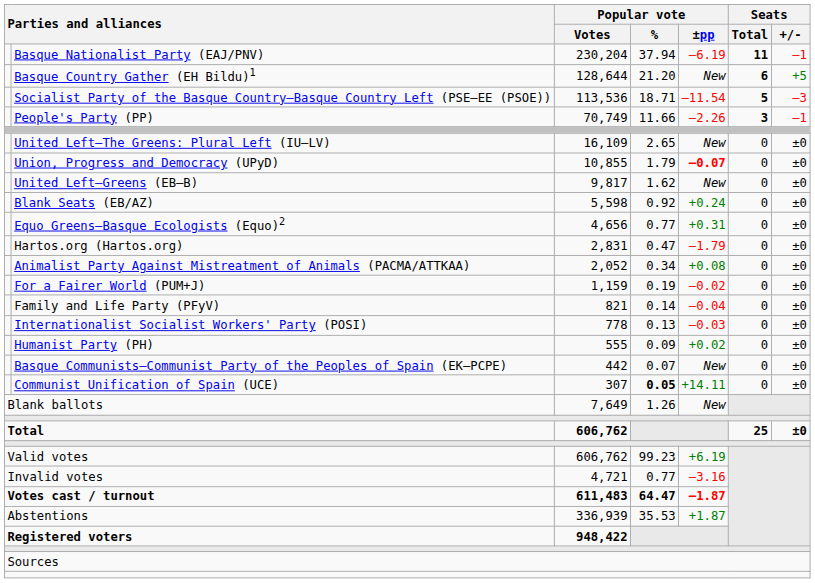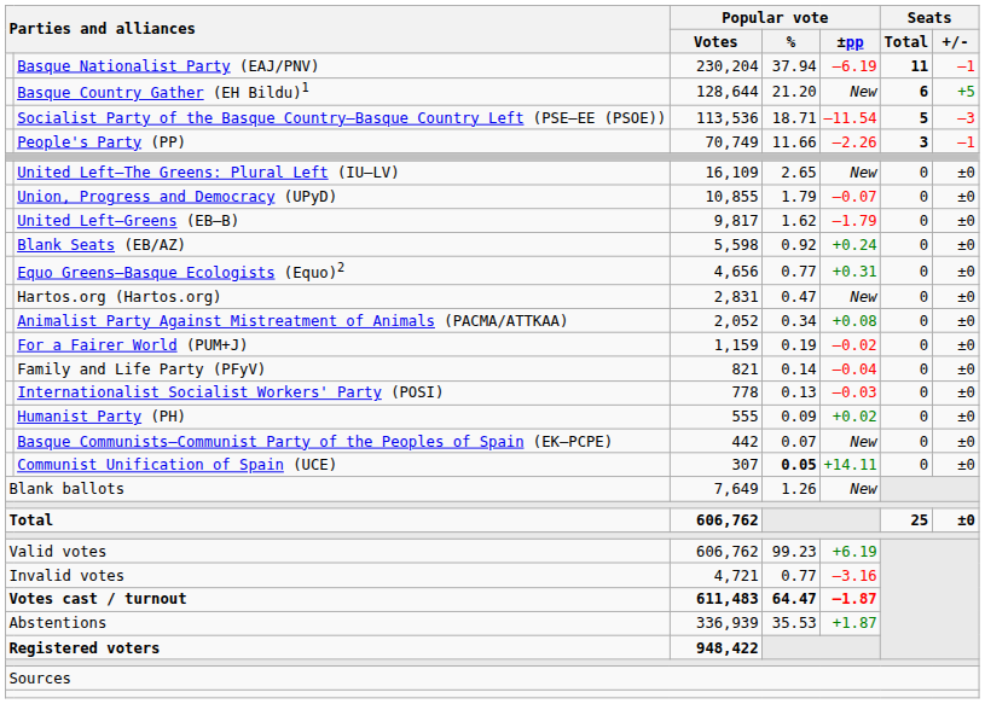 <table class="wikitable" style="text-align:right;">
 <tr>
 <th style="text-align:left;" rowspan="2" colspan="2" width="525">Parties and alliances</th>
 <th colspan="3">Popular vote</th>
 <th colspan="2">Seats</th>
 </tr>
 <tr>
 <th width="75">Votes</th>
 <th width="45">%</th>
 <th width="45">±<a href='#'>pp</a></th>
 <th width="35">Total</th>
 <th width="35">+/-</th>
 </tr>
 <tr>
 <td width="1" style="color:inherit;background:"></td>
 <td align="left"><a href='#'>Basque Nationalist Party</a> (EAJ/PNV)</td>
 <td>230,204</td>
 <td>37.94</td>
 <td style="color:red;">–6.19</td>
 <td><strong>11</strong></td>
 <td style="color:red;">–1</td>
 </tr>
 <tr>
 <td style="color:inherit;background:"></td>
 <td align="left"><a href='#'>Basque Country Gather</a> (EH Bildu)<sup>1</sup></td>
 <td>128,644</td>
 <td>21.20</td>
 <td><em>New</em></td>
 <td><strong>6</strong></td>
 <td style="color:green;">+5</td>
 </tr>
 <tr>
 <td style="color:inherit;background:"></td>
 <td align="left"><a href='#'>Socialist Party of the Basque Country–Basque Country Left</a> (PSE–EE (PSOE))</td>
 <td>113,536</td>
 <td>18.71</td>
 <td style="color:red;">–11.54</td>
 <td><strong>5</strong></td>
 <td style="color:red;">–3</td>
 </tr>
 <tr>
 <td style="color:inherit;background:"></td>
 <td align="left"><a href='#'>People's Party</a> (PP)</td>
 <td>70,749</td>
 <td>11.66</td>
 <td style="color:red;">–2.26</td>
 <td><strong>3</strong></td>
 <td style="color:red;">–1</td>
 </tr>
 <tr>
 <td colspan="7" bgcolor="#C0C0C0"></td>
 </tr>
 <tr>
 <td style="color:inherit;background:"></td>
 <td align="left"><a href='#'>United Left–The Greens: Plural Left</a> (IU–LV)</td>
 <td>16,109</td>
 <td>2.65</td>
 <td><em>New</em></td>
 <td>0</td>
 <td>±0</td>
 </tr>
 <tr>
 <td style="color:inherit;background:"></td>
 <td align="left"><a href='#'>Union, Progress and Democracy</a> (UPyD)</td>
 <td>10,855</td>
 <td>1.79</td>
-<td style="color:red;"><strong>–0.07</strong></td>
+<td style="color:red;">–0.07</td>
 <td>0</td>
 <td>±0</td>
 </tr>
 <tr>
 <td style="color:inherit;background:"></td>
 <td align="left"><a href='#'>United Left–Greens</a> (EB–B)</td>
 <td>9,817</td>
 <td>1.62</td>
-<td><em>New</em></td>
+<td style="color:red;">–1.79</td>
 <td>0</td>
 <td>±0</td>
 </tr>
 <tr>
 <td style="color:inherit;background:"></td>
 <td align="left"><a href='#'>Blank Seats</a> (EB/AZ)</td>
 <td>5,598</td>
 <td>0.92</td>
 <td style="color:green;">+0.24</td>
 <td>0</td>
 <td>±0</td>
 </tr>
 <tr>
 <td style="color:inherit;background:"></td>
 <td align="left"><a href='#'>Equo Greens–Basque Ecologists</a> (Equo)<sup>2</sup></td>
 <td>4,656</td>
 <td>0.77</td>
 <td style="color:green;">+0.31</td>
 <td>0</td>
 <td>±0</td>
 </tr>
 <tr>
 <td style="color:inherit;background:"></td>
 <td align="left">Hartos.org (Hartos.org)</td>
 <td>2,831</td>
 <td>0.47</td>
-<td style="color:red;">–1.79</td>
+<td><em>New</em></td>
 <td>0</td>
 <td>±0</td>
 </tr>
 <tr>
 <td style="color:inherit;background:"></td>
 <td align="left"><a href='#'>Animalist Party Against Mistreatment of Animals</a> (PACMA/ATTKAA)</td>
 <td>2,052</td>
 <td>0.34</td>
 <td style="color:green;">+0.08</td>
 <td>0</td>
 <td>±0</td>
 </tr>
 <tr>
 <td style="color:inherit;background:"></td>
 <td align="left"><a href='#'>For a Fairer World</a> (PUM+J)</td>
 <td>1,159</td>
 <td>0.19</td>
 <td style="color:red;">–0.02</td>
 <td>0</td>
 <td>±0</td>
 </tr>
 <tr>
 <td style="color:inherit;background:"></td>
 <td align="left">Family and Life Party (PFyV)</td>
 <td>821</td>
 <td>0.14</td>
 <td style="color:red;">–0.04</td>
 <td>0</td>
 <td>±0</td>
 </tr>
 <tr>
 <td style="color:inherit;background:"></td>
 <td align="left"><a href='#'>Internationalist Socialist Workers' Party</a> (POSI)</td>
 <td>778</td>
 <td>0.13</td>
 <td style="color:red;">–0.03</td>
 <td>0</td>
 <td>±0</td>
 </tr>
 <tr>
 <td style="color:inherit;background:"></td>
 <td align="left"><a href='#'>Humanist Party</a> (PH)</td>
 <td>555</td>
 <td>0.09</td>
 <td style="color:green;">+0.02</td>
 <td>0</td>
 <td>±0</td>
 </tr>
 <tr>
 <td style="color:inherit;background:"></td>
 <td align="left"><a href='#'>Basque Communists–Communist Party of the Peoples of Spain</a> (EK–PCPE)</td>
 <td>442</td>
 <td>0.07</td>
 <td><em>New</em></td>
 <td>0</td>
 <td>±0</td>
 </tr>
 <tr>
 <td style="color:inherit;background:"></td>
 <td align="left"><a href='#'>Communist Unification of Spain</a> (UCE)</td>
 <td>307</td>
 <td><strong>0.05</strong></td>
 <td style="color:green;">+14.11</td>
 <td>0</td>
 <td>±0</td>
 </tr>
 <tr>
 <td align="left" colspan="2">Blank ballots</td>
 <td>7,649</td>
 <td>1.26</td>
 <td><em>New</em></td>
 <td bgcolor="#E9E9E9" colspan="2"></td>
 </tr>
 <tr>
 <td colspan="7" bgcolor="#E9E9E9"></td>
 </tr>
 <tr style="font-weight:bold;">
 <td align="left" colspan="2">Total</td>
 <td>606,762</td>
 <td bgcolor="#E9E9E9" colspan="2"></td>
 <td>25</td>
 <td>±0</td>
 </tr>
 <tr>
 <td colspan="7" bgcolor="#E9E9E9"></td>
 </tr>
 <tr>
 <td align="left" colspan="2">Valid votes</td>
 <td>606,762</td>
 <td>99.23</td>
 <td style="color:green;">+6.19</td>
 <td bgcolor="#E9E9E9" colspan="2" rowspan="5"></td>
 </tr>
 <tr>
 <td align="left" colspan="2">Invalid votes</td>
 <td>4,721</td>
 <td>0.77</td>
 <td style="color:red;">–3.16</td>
 </tr>
 <tr style="font-weight:bold;">
 <td align="left" colspan="2">Votes cast / turnout</td>
 <td>611,483</td>
 <td>64.47</td>
 <td style="color:red;">–1.87</td>
 </tr>
 <tr>
 <td align="left" colspan="2">Abstentions</td>
 <td>336,939</td>
 <td>35.53</td>
 <td style="color:green;">+1.87</td>
 </tr>
 <tr style="font-weight:bold;">
 <td align="left" colspan="2">Registered voters</td>
 <td>948,422</td>
 <td bgcolor="#E9E9E9" colspan="2"></td>
 </tr>
 <tr>
 <td colspan="7" bgcolor="#E9E9E9"></td>
 </tr>
 <tr>
 <td align="left" colspan="7">Sources</td>
 </tr>
 <tr>
 <td colspan="7" style="text-align:left; max-width:790px;"></td>
 </tr>
 </table>
